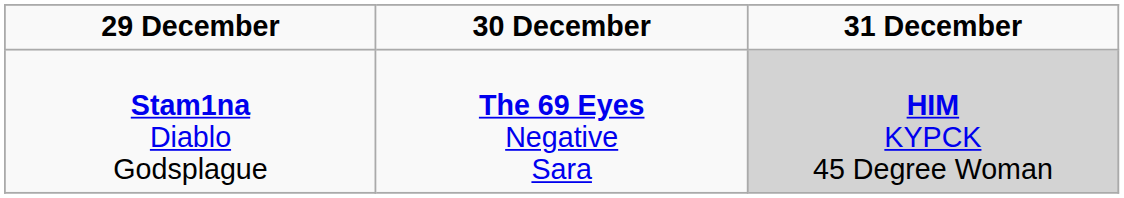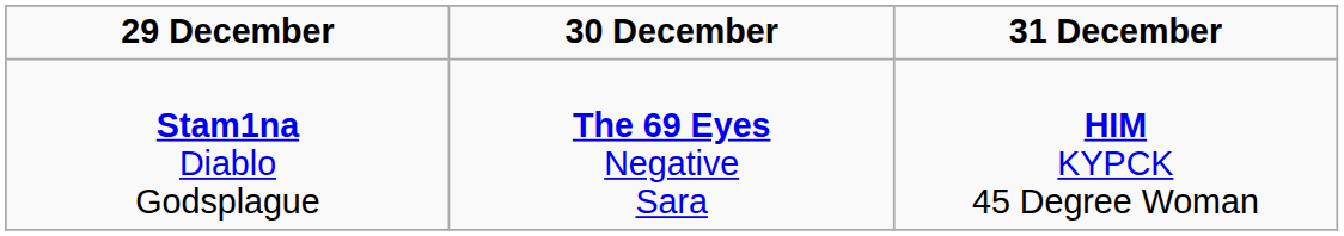 <table class="wikitable">
 <tr>
 <td colspan="1" style="text-align:center;"><strong>29 December</strong> <br></td>
 <td colspan="1" style="text-align:center;"><strong>30 December</strong> <br></td>
 <td colspan="1" style="text-align:center;"><strong>31 December</strong> <br></td>
 </tr>
 <tr>
 <td style="text-align:center; vertical-align:top; width:200px;"><br><strong><a href='#'>Stam1na</a></strong><br> <a href='#'>Diablo</a><br> Godsplague<br></td>
 <td style="text-align:center; vertical-align:top; width:200px;"><br><strong><a href='#'>The 69 Eyes</a></strong><br> <a href='#'>Negative</a><br> <a href='#'>Sara</a><br></td>
-<td style="background: lightgrey; text-align:center; vertical-align:top; width:200px;"><br><strong><a href='#'>HIM</a></strong><br> <a href='#'>KYPCK</a><br> 45 Degree Woman<br></td>
+<td style="text-align:center; vertical-align:top; width:200px;"><br><strong><a href='#'>HIM</a></strong><br> <a href='#'>KYPCK</a><br> 45 Degree Woman<br></td>
 </tr>
 </table>
